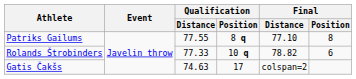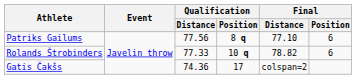 <table class="wikitable" style="font-size:90%">
 <tr>
 <th rowspan="2">Athlete</th>
 <th rowspan="2">Event</th>
 <th colspan="2">Qualification</th>
 <th colspan="2">Final</th>
 </tr>
 <tr style="font-size:95%">
 <th>Distance</th>
 <th>Position</th>
 <th>Distance</th>
 <th>Position</th>
 </tr>
 <tr align="center">
 <td align="left"><a href='#'>Patriks Gailums</a></td>
 <td align="left" rowspan=3><a href='#'>Javelin throw</a></td>
-<td>77.55</td>
+<td>77.56</td>
 <td>8 <strong>q</strong></td>
 <td>77.10</td>
-<td>8</td>
+<td>6</td>
 </tr>
 <tr align="center">
 <td align="left"><a href='#'>Rolands Štrobinders</a></td>
 <td>77.33</td>
 <td>10 <strong>q</strong></td>
 <td>78.82</td>
 <td>6</td>
 </tr>
 <tr align="center">
 <td align="left"><a href='#'>Gatis Čakšs</a></td>
-<td>74.63</td>
+<td>74.36</td>
 <td>17</td>
 <td>colspan=2 </td>
 </tr>
 </table>
